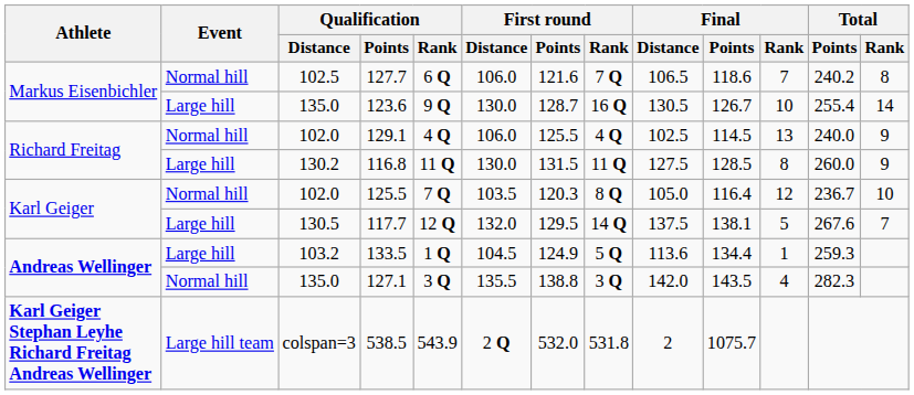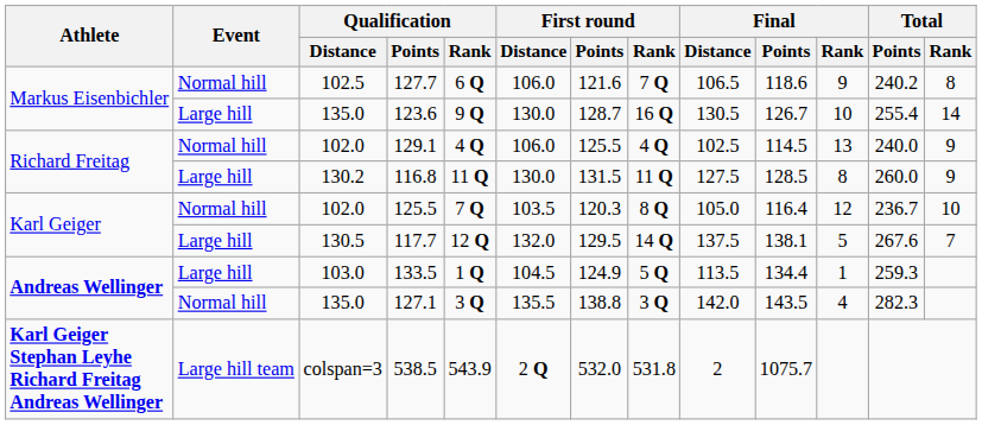 <table class="wikitable" style="font-size:90%">
 <tr>
 <th rowspan=2>Athlete</th>
 <th rowspan=2>Event</th>
 <th colspan=3>Qualification</th>
 <th colspan=3>First round</th>
 <th colspan=3>Final</th>
 <th colspan=2>Total</th>
 </tr>
 <tr style="font-size:95%">
 <th>Distance</th>
 <th>Points</th>
 <th>Rank</th>
 <th>Distance</th>
 <th>Points</th>
 <th>Rank</th>
 <th>Distance</th>
 <th>Points</th>
 <th>Rank</th>
 <th>Points</th>
 <th>Rank</th>
 </tr>
 <tr align=center>
 <td align=left rowspan=2><a href='#'>Markus Eisenbichler</a></td>
 <td align=left><a href='#'>Normal hill</a></td>
 <td>102.5</td>
 <td>127.7</td>
 <td>6 <strong>Q</strong></td>
 <td>106.0</td>
 <td>121.6</td>
 <td>7 <strong>Q</strong></td>
 <td>106.5</td>
 <td>118.6</td>
-<td>7</td>
+<td>9</td>
 <td>240.2</td>
 <td>8</td>
 </tr>
 <tr align=center>
 <td align=left><a href='#'>Large hill</a></td>
 <td>135.0</td>
 <td>123.6</td>
 <td>9 <strong>Q</strong></td>
 <td>130.0</td>
 <td>128.7</td>
 <td>16 <strong>Q</strong></td>
 <td>130.5</td>
 <td>126.7</td>
 <td>10</td>
 <td>255.4</td>
 <td>14</td>
 </tr>
 <tr align=center>
 <td align=left rowspan=2><a href='#'>Richard Freitag</a></td>
 <td align=left><a href='#'>Normal hill</a></td>
 <td>102.0</td>
 <td>129.1</td>
 <td>4 <strong>Q</strong></td>
 <td>106.0</td>
 <td>125.5</td>
 <td>4 <strong>Q</strong></td>
 <td>102.5</td>
 <td>114.5</td>
 <td>13</td>
 <td>240.0</td>
 <td>9</td>
 </tr>
 <tr align=center>
 <td align=left><a href='#'>Large hill</a></td>
 <td>130.2</td>
 <td>116.8</td>
 <td>11 <strong>Q</strong></td>
 <td>130.0</td>
 <td>131.5</td>
 <td>11 <strong>Q</strong></td>
 <td>127.5</td>
 <td>128.5</td>
 <td>8</td>
 <td>260.0</td>
 <td>9</td>
 </tr>
 <tr align=center>
 <td align=left rowspan=2><a href='#'>Karl Geiger</a></td>
 <td align=left><a href='#'>Normal hill</a></td>
 <td>102.0</td>
 <td>125.5</td>
 <td>7 <strong>Q</strong></td>
 <td>103.5</td>
 <td>120.3</td>
 <td>8 <strong>Q</strong></td>
 <td>105.0</td>
 <td>116.4</td>
 <td>12</td>
 <td>236.7</td>
 <td>10</td>
 </tr>
 <tr align=center>
 <td align=left><a href='#'>Large hill</a></td>
 <td>130.5</td>
 <td>117.7</td>
 <td>12 <strong>Q</strong></td>
 <td>132.0</td>
 <td>129.5</td>
 <td>14 <strong>Q</strong></td>
 <td>137.5</td>
 <td>138.1</td>
 <td>5</td>
 <td>267.6</td>
 <td>7</td>
 </tr>
 <tr align=center>
 <td align=left rowspan=2><strong><a href='#'>Andreas Wellinger</a></strong></td>
 <td align=left><a href='#'>Large hill</a></td>
-<td>103.2</td>
+<td>103.0</td>
 <td>133.5</td>
 <td>1 <strong>Q</strong></td>
 <td>104.5</td>
 <td>124.9</td>
 <td>5 <strong>Q</strong></td>
-<td>113.6</td>
+<td>113.5</td>
 <td>134.4</td>
 <td>1</td>
 <td>259.3</td>
 <td></td>
 </tr>
 <tr align=center>
 <td align=left><a href='#'>Normal hill</a></td>
 <td>135.0</td>
 <td>127.1</td>
 <td>3 <strong>Q</strong></td>
 <td>135.5</td>
 <td>138.8</td>
 <td>3 <strong>Q</strong></td>
 <td>142.0</td>
 <td>143.5</td>
 <td>4</td>
 <td>282.3</td>
 <td></td>
 </tr>
 <tr align=center>
 <td align=left><strong><a href='#'>Karl Geiger</a><br><a href='#'>Stephan Leyhe</a><br><a href='#'>Richard Freitag</a><br><a href='#'>Andreas Wellinger</a></strong></td>
 <td align=left><a href='#'>Large hill team</a></td>
 <td>colspan=3</td>
 <td>538.5</td>
 <td>543.9</td>
 <td>2 <strong>Q</strong></td>
 <td>532.0</td>
 <td>531.8</td>
 <td>2</td>
 <td>1075.7</td>
 <td></td>
 </tr>
 </table>
